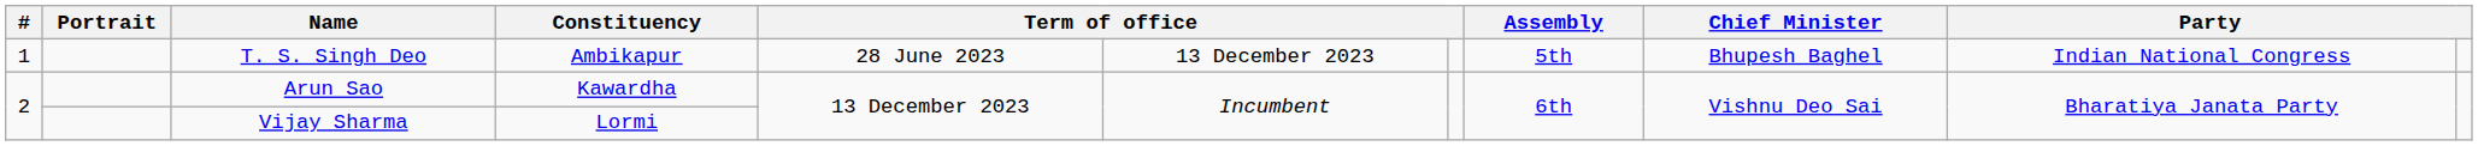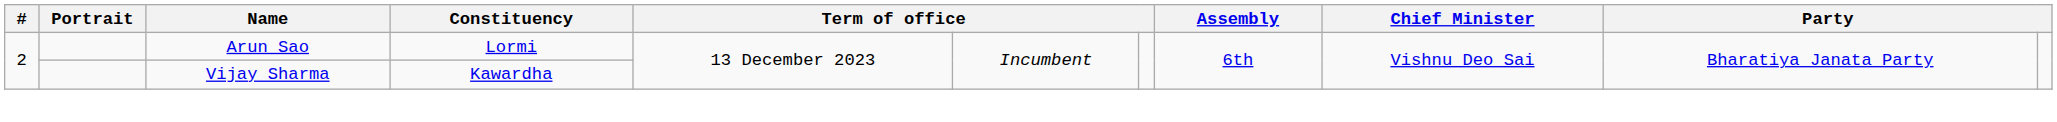 <table class="wikitable" style="text-align:center;width:98%;margin-top:0.5em;">
 <tr>
 <th>#</th>
 <th width="75">Portrait</th>
 <th>Name</th>
 <th>Constituency</th>
 <th colspan="3">Term of office</th>
 <th><a href='#'>Assembly</a><br></th>
 <th><a href='#'>Chief Minister</a></th>
 <th colspan="2">Party</th>
 </tr>
 <tr>
-<td>1</td>
-<td></td>
-<td><a href='#'>T. S. Singh Deo</a></td>
-<td><a href='#'>Ambikapur</a></td>
-<td>28 June 2023</td>
-<td>13 December 2023</td>
-<td></td>
-<td><a href='#'>5th</a><br></td>
-<td><a href='#'>Bhupesh Baghel</a></td>
-<td><a href='#'>Indian National Congress</a></td>
-<td style="background:"></td>
-</tr>
-<tr>
 <td rowspan=2>2</td>
 <td></td>
 <td><a href='#'>Arun Sao</a></td>
-<td><a href='#'>Kawardha</a></td>
+<td><a href='#'>Lormi</a></td>
 <td rowspan="2">13 December 2023</td>
 <td rowspan="2"><em>Incumbent</em></td>
 <td rowspan="2"></td>
 <td rowspan="2"><a href='#'>6th</a><br></td>
 <td rowspan="2"><a href='#'>Vishnu Deo Sai</a></td>
 <td rowspan="2"><a href='#'>Bharatiya Janata Party</a></td>
 <td rowspan="2" style="background:"></td>
 </tr>
 <tr>
 <td></td>
 <td><a href='#'>Vijay Sharma</a></td>
-<td><a href='#'>Lormi</a></td>
+<td><a href='#'>Kawardha</a></td>
 </tr>
 </table>
